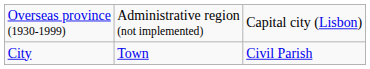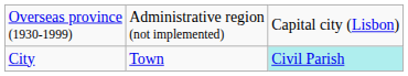 <table class="wikitable">
 <tr>
 <td> <a href='#'>Overseas province</a><br><small>(1930-1999)</small></td>
 <td> Administrative region<br><small>(not implemented)</small></td>
 <td> Capital city (<a href='#'>Lisbon</a>)</td>
 </tr>
 <tr>
 <td> <a href='#'>City</a></td>
 <td> <a href='#'>Town</a></td>
-<td> <a href='#'>Civil Parish</a></td>
+<td style="background: paleturquoise;"> <a href='#'>Civil Parish</a></td>
 </tr>
 </table>
